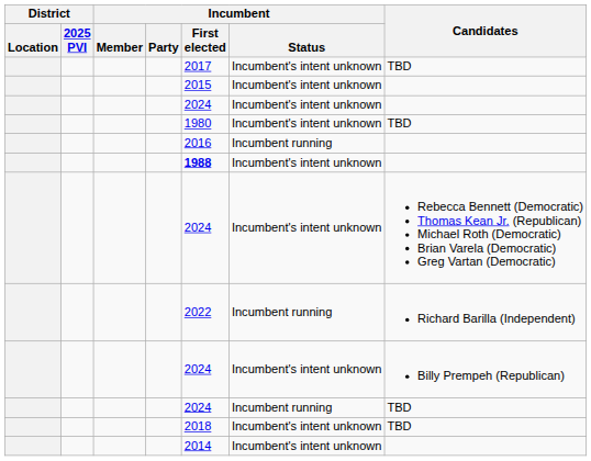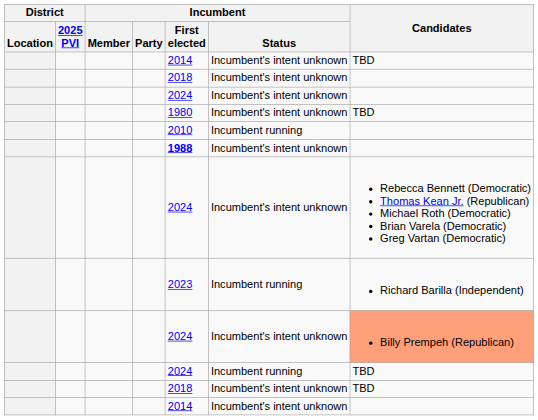 <table class="wikitable sortable">
 <tr>
 <th colspan=2>District</th>
 <th colspan=4>Incumbent</th>
 <th rowspan=2 class="unsortable">Candidates</th>
 </tr>
 <tr valign=bottom>
 <th>Location</th>
 <th><a href='#'>2025<br>PVI</a></th>
 <th>Member</th>
 <th>Party</th>
 <th>First<br>elected</th>
 <th>Status</th>
 </tr>
 <tr>
 <th></th>
 <td></td>
 <td></td>
 <td></td>
-<td><a href='#'>2017 </a></td>
+<td><a href='#'>2014 </a></td>
 <td>Incumbent's intent unknown</td>
 <td>TBD</td>
 </tr>
 <tr>
 <th></th>
 <td></td>
 <td></td>
 <td></td>
-<td><a href='#'>2015</a></td>
+<td><a href='#'>2018</a></td>
 <td>Incumbent's intent unknown</td>
 <td></td>
 </tr>
 <tr>
 <th></th>
 <td></td>
 <td></td>
 <td></td>
 <td><a href='#'>2024</a></td>
 <td>Incumbent's intent unknown</td>
 <td></td>
 </tr>
 <tr>
 <th></th>
 <td></td>
 <td></td>
 <td></td>
 <td><a href='#'>1980</a></td>
 <td>Incumbent's intent unknown</td>
 <td>TBD</td>
 </tr>
 <tr>
 <th></th>
 <td></td>
 <td></td>
 <td></td>
-<td><a href='#'>2016</a></td>
+<td><a href='#'>2010</a></td>
 <td>Incumbent running</td>
 <td></td>
 </tr>
 <tr>
 <th></th>
 <td></td>
 <td></td>
 <td></td>
 <td><strong><a href='#'>1988 </a></strong></td>
 <td>Incumbent's intent unknown</td>
 <td></td>
 </tr>
 <tr>
 <th></th>
 <td></td>
 <td></td>
 <td></td>
 <td><a href='#'>2024</a></td>
 <td>Incumbent's intent unknown</td>
 <td><br><ul><li>Rebecca Bennett (Democratic)</li><li><a href='#'>Thomas Kean Jr.</a> (Republican)</li><li>Michael Roth (Democratic)</li><li>Brian Varela (Democratic)</li><li>Greg Vartan (Democratic)</li></ul></td>
 </tr>
 <tr>
 <th></th>
 <td></td>
 <td></td>
 <td></td>
-<td><a href='#'>2022</a></td>
+<td><a href='#'>2023</a></td>
 <td>Incumbent running</td>
 <td><br><ul><li>Richard Barilla (Independent)</li></ul></td>
 </tr>
 <tr>
 <th></th>
 <td></td>
 <td></td>
 <td></td>
 <td><a href='#'>2024</a></td>
 <td>Incumbent's intent unknown</td>
-<td><br><ul><li>Billy Prempeh (Republican)</li></ul></td>
+<td style="background: lightsalmon;"><br><ul><li>Billy Prempeh (Republican)</li></ul></td>
 </tr>
 <tr>
 <th></th>
 <td></td>
 <td></td>
 <td></td>
 <td><a href='#'>2024 </a></td>
 <td>Incumbent running</td>
 <td>TBD</td>
 </tr>
 <tr>
 <th></th>
 <td></td>
 <td></td>
 <td></td>
 <td><a href='#'>2018</a></td>
 <td>Incumbent's intent unknown</td>
 <td>TBD</td>
 </tr>
 <tr>
 <th></th>
 <td></td>
 <td></td>
 <td></td>
 <td><a href='#'>2014</a></td>
 <td>Incumbent's intent unknown</td>
 <td></td>
 </tr>
 </table>
